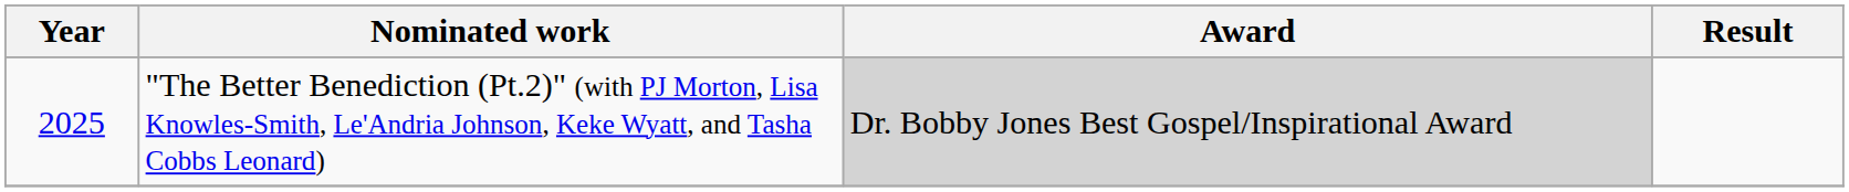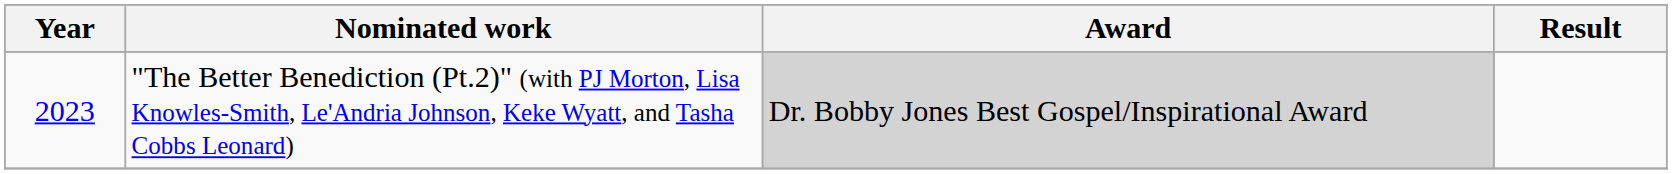 <table class="wikitable" style="width:70%;">
 <tr>
 <th style="width:3%;">Year</th>
 <th style="width:20%;">Nominated work</th>
 <th style="width:23%;">Award</th>
 <th style="width:5%;">Result</th>
 </tr>
 <tr>
-<td align="center"><a href='#'>2025</a></td>
+<td align="center"><a href='#'>2023</a></td>
 <td>"The Better Benediction (Pt.2)" <small>(with <a href='#'>PJ Morton</a>, <a href='#'>Lisa Knowles-Smith</a>, <a href='#'>Le'Andria Johnson</a>, <a href='#'>Keke Wyatt</a>, and <a href='#'>Tasha Cobbs Leonard</a>)</small></td>
 <td style="background: lightgrey;">Dr. Bobby Jones Best Gospel/Inspirational Award</td>
 <td></td>
 </tr>
 <tr>
 </tr>
 </table>
